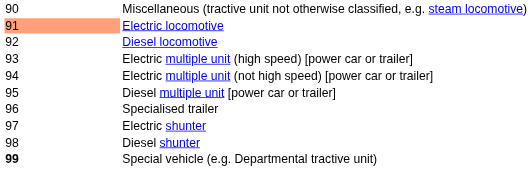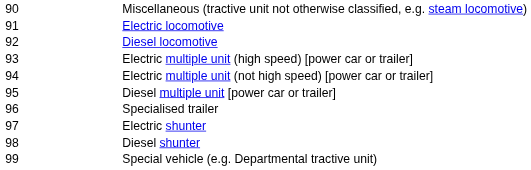 <table>
 <tr>
 <td width="150">90</td>
 <td>Miscellaneous (tractive unit not otherwise classified, e.g. <a href='#'>steam locomotive</a>)</td>
 </tr>
 <tr>
-<td style="background: lightsalmon;">91</td>
+<td>91</td>
 <td><a href='#'>Electric locomotive</a></td>
 </tr>
 <tr>
 <td>92</td>
 <td><a href='#'>Diesel locomotive</a></td>
 </tr>
 <tr>
 <td>93</td>
 <td>Electric <a href='#'>multiple unit</a> (high speed) [power car or trailer]</td>
 </tr>
 <tr>
 <td>94</td>
 <td>Electric <a href='#'>multiple unit</a> (not high speed) [power car or trailer]</td>
 </tr>
 <tr>
 <td>95</td>
 <td>Diesel <a href='#'>multiple unit</a> [power car or trailer]</td>
 </tr>
 <tr>
 <td>96</td>
 <td>Specialised trailer</td>
 </tr>
 <tr>
 <td>97</td>
 <td>Electric <a href='#'>shunter</a></td>
 </tr>
 <tr>
 <td>98</td>
 <td>Diesel <a href='#'>shunter</a></td>
 </tr>
 <tr>
-<td><strong>99</strong></td>
+<td>99</td>
 <td>Special vehicle (e.g. Departmental tractive unit)</td>
 </tr>
 <tr>
 </tr>
 </table>
